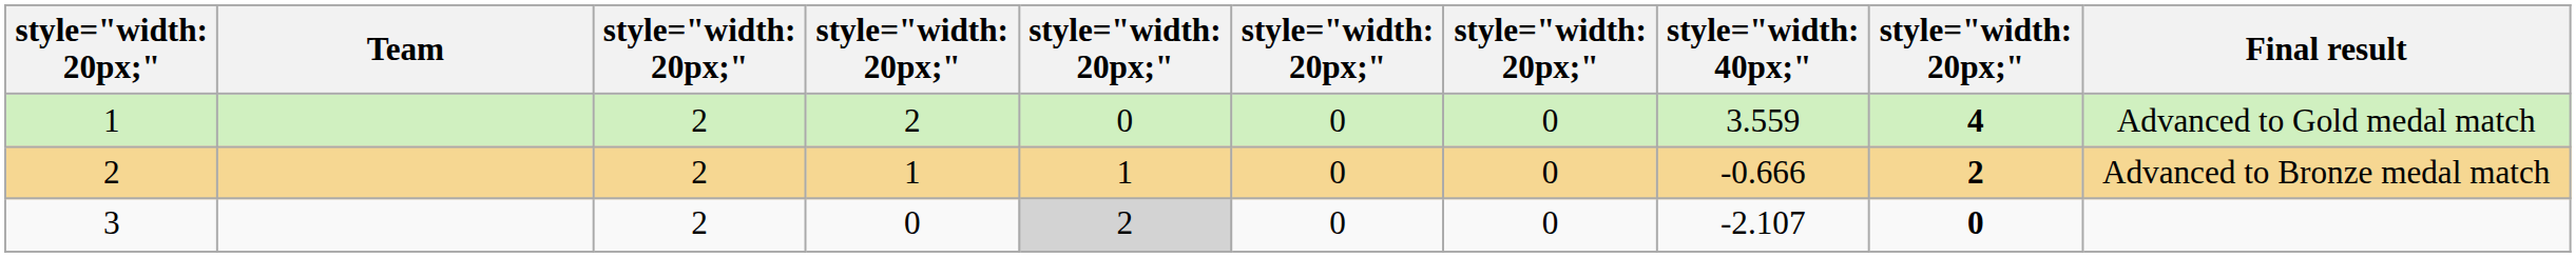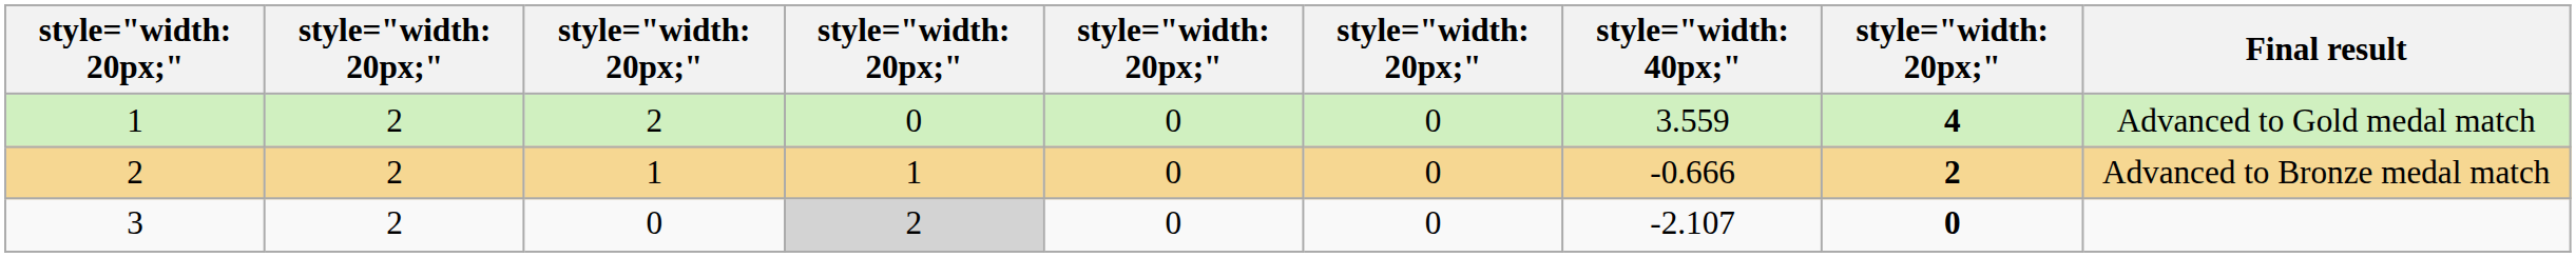 <table class="wikitable" border="1" style="text-align: center;">
 <tr>
 <th>style="width: 20px;"</th>
-<th style="width: 175px;">Team</th>
 <th>style="width: 20px;"</th>
 <th>style="width: 20px;"</th>
 <th>style="width: 20px;"</th>
 <th>style="width: 20px;"</th>
 <th>style="width: 20px;"</th>
 <th>style="width: 40px;"</th>
 <th>style="width: 20px;"</th>
 <th style="width: 230px;">Final result</th>
 </tr>
 <tr style="background:#D0F0C0;">
 <td>1</td>
-<td style="text-align:left"></td>
 <td>2</td>
 <td>2</td>
 <td>0</td>
 <td>0</td>
 <td>0</td>
 <td>3.559</td>
 <td><strong>4</strong></td>
 <td>Advanced to Gold medal match</td>
 </tr>
 <tr style="background:#F6D792;">
 <td>2</td>
-<td align=left></td>
 <td>2</td>
 <td>1</td>
 <td>1</td>
 <td>0</td>
 <td>0</td>
 <td>-0.666</td>
 <td><strong>2</strong></td>
 <td>Advanced to Bronze medal match</td>
 </tr>
 <tr>
 <td>3</td>
-<td style="text-align:left"></td>
 <td>2</td>
 <td>0</td>
 <td style="background: lightgrey;">2</td>
 <td>0</td>
 <td>0</td>
 <td>-2.107</td>
 <td><strong>0</strong></td>
 <td></td>
 </tr>
 </table>
